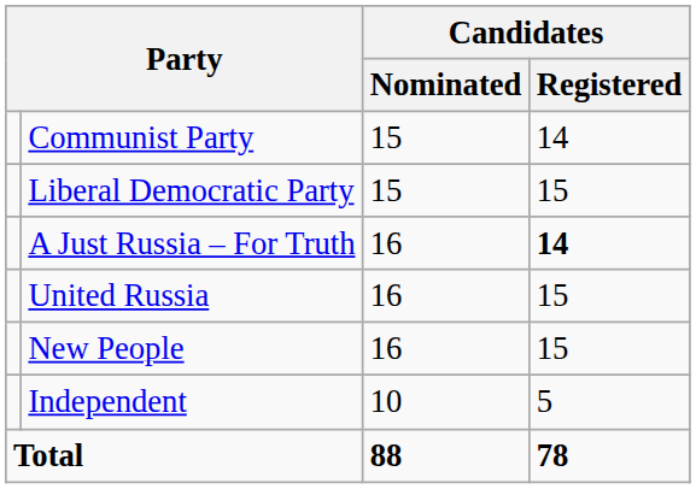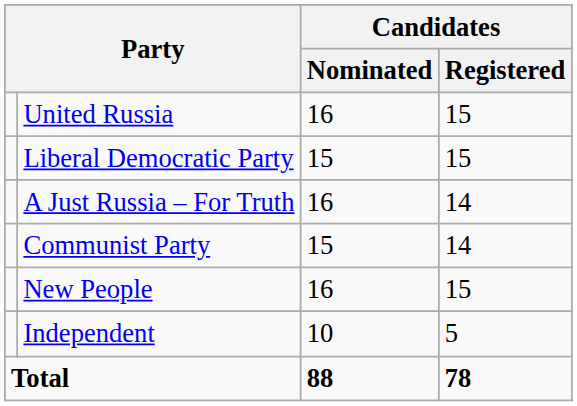 <table class="wikitable sortable" style="background: #f9f9f9; text-align:left; font-size: 95%">
 <tr>
 <th align=center rowspan=2 colspan=2>Party</th>
 <th align=center colspan=2>Candidates</th>
 </tr>
 <tr>
 <th align=center>Nominated</th>
 <th align=center>Registered</th>
 </tr>
 <tr>
 <td></td>
-<td><a href='#'>Communist Party</a></td>
+<td><a href='#'>United Russia</a></td>
+<td>16</td>
 <td>15</td>
-<td>14</td>
 </tr>
 <tr>
 <td></td>
 <td><a href='#'>Liberal Democratic Party</a></td>
 <td>15</td>
 <td>15</td>
 </tr>
 <tr>
 <td></td>
 <td><a href='#'>A Just Russia – For Truth</a></td>
 <td>16</td>
-<td><strong>14</strong></td>
+<td>14</td>
 </tr>
 <tr>
 <td></td>
-<td><a href='#'>United Russia</a></td>
-<td>16</td>
+<td><a href='#'>Communist Party</a></td>
 <td>15</td>
+<td>14</td>
 </tr>
 <tr>
 <td></td>
 <td><a href='#'>New People</a></td>
 <td>16</td>
 <td>15</td>
 </tr>
 <tr>
 <td></td>
 <td><a href='#'>Independent</a></td>
 <td>10</td>
 <td>5</td>
 </tr>
 <tr>
 <td colspan=2><strong>Total</strong></td>
 <td><strong>88</strong></td>
 <td><strong>78</strong></td>
 </tr>
 </table>
